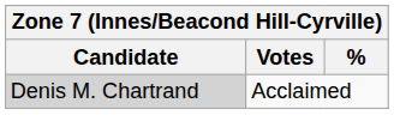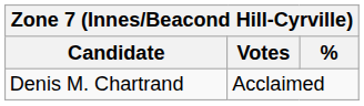 <table class="wikitable">
 <tr>
 <th colspan="3">Zone 7 (Innes/Beacond Hill-Cyrville)</th>
 </tr>
 <tr>
 <th style="width: 170px">Candidate</th>
 <th style="width: 50px">Votes</th>
 <th style="width: 40px">%</th>
 </tr>
 <tr>
-<td style="background: lightgrey;">Denis M. Chartrand</td>
+<td>Denis M. Chartrand</td>
 <td colspan="2">Acclaimed</td>
 </tr>
 </table>
